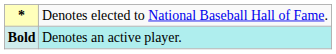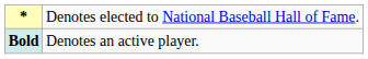 <table class="wikitable" style="font-size:100%;">
 <tr>
 <th scope="row" style="background-color:#ffffbb">*</th>
 <td>Denotes elected to <a href='#'>National Baseball Hall of Fame</a>.</td>
 </tr>
 <tr>
 <th scope="row" style="background:#cfecec;"><strong>Bold</strong></th>
-<td style="background: paleturquoise;">Denotes an active player.</td>
+<td>Denotes an active player.</td>
 </tr>
 </table>
